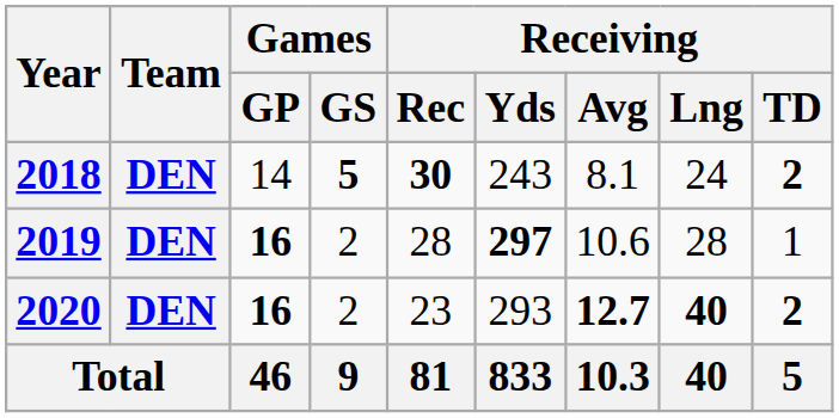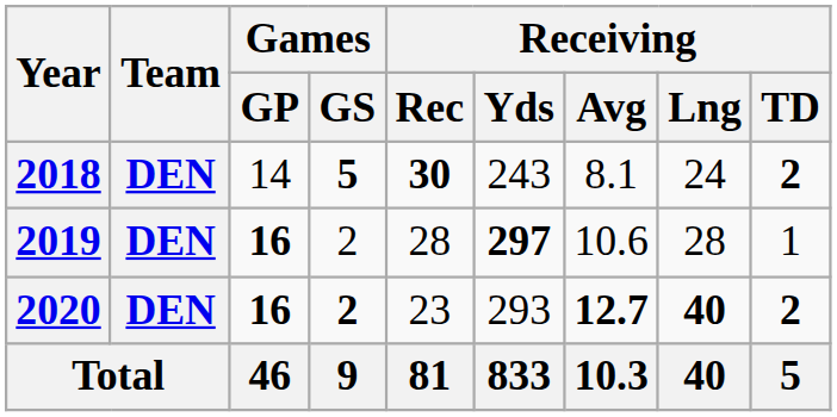 <table class=wikitable style="text-align:center;">
 <tr>
 <th rowspan="2">Year</th>
 <th rowspan="2">Team</th>
 <th colspan="2">Games</th>
 <th colspan="6">Receiving</th>
 </tr>
 <tr>
 <th>GP</th>
 <th>GS</th>
 <th>Rec</th>
 <th>Yds</th>
 <th>Avg</th>
 <th>Lng</th>
 <th>TD</th>
 </tr>
 <tr>
 <th><a href='#'>2018</a></th>
 <th><a href='#'>DEN</a></th>
 <td>14</td>
 <td><strong>5</strong></td>
 <td><strong>30</strong></td>
 <td>243</td>
 <td>8.1</td>
 <td>24</td>
 <td><strong>2</strong></td>
 </tr>
 <tr>
 <th><a href='#'>2019</a></th>
 <th><a href='#'>DEN</a></th>
 <td><strong>16</strong></td>
 <td>2</td>
 <td>28</td>
 <td><strong>297</strong></td>
 <td>10.6</td>
 <td>28</td>
 <td>1</td>
 </tr>
 <tr>
 <th><a href='#'>2020</a></th>
 <th><a href='#'>DEN</a></th>
 <td><strong>16</strong></td>
-<td>2</td>
+<td><strong>2</strong></td>
 <td>23</td>
 <td>293</td>
 <td><strong>12.7</strong></td>
 <td><strong>40</strong></td>
 <td><strong>2</strong></td>
 </tr>
 <tr>
 <th colspan="2">Total</th>
 <th>46</th>
 <th>9</th>
 <th>81</th>
 <th>833</th>
 <th>10.3</th>
 <th>40</th>
 <th>5</th>
 </tr>
 </table>
